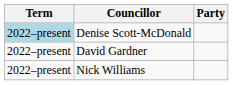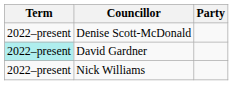 <table class="wikitable">
 <tr>
 <th>Term</th>
 <th>Councillor</th>
 <th colspan=2>Party</th>
 </tr>
 <tr>
-<td style="background: lightblue;">2022–present</td>
+<td>2022–present</td>
 <td>Denise Scott-McDonald</td>
 <td></td>
 </tr>
 <tr>
-<td>2022–present</td>
+<td style="background: paleturquoise;">2022–present</td>
 <td>David Gardner</td>
 <td></td>
 </tr>
 <tr>
 <td>2022–present</td>
 <td>Nick Williams</td>
 <td></td>
 </tr>
 </table>
